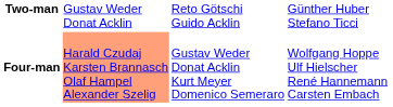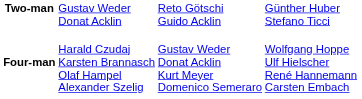 <table>
 <tr>
 <th scope="row">Two-man <br></th>
 <td> <br> <a href='#'>Gustav Weder</a><br>  <a href='#'>Donat Acklin</a></td>
 <td> <br> <a href='#'>Reto Götschi</a><br>  <a href='#'>Guido Acklin</a></td>
 <td> <br> <a href='#'>Günther Huber</a><br>  <a href='#'>Stefano Ticci</a></td>
 </tr>
 <tr>
 <th scope="row">Four-man <br></th>
-<td style="background: lightsalmon;"> <br> <a href='#'>Harald Czudaj</a><br>  <a href='#'>Karsten Brannasch</a><br>  <a href='#'>Olaf Hampel</a><br>  <a href='#'>Alexander Szelig</a></td>
+<td> <br> <a href='#'>Harald Czudaj</a><br>  <a href='#'>Karsten Brannasch</a><br>  <a href='#'>Olaf Hampel</a><br>  <a href='#'>Alexander Szelig</a></td>
 <td> <br> <a href='#'>Gustav Weder</a><br>  <a href='#'>Donat Acklin</a><br>  <a href='#'>Kurt Meyer</a><br>  <a href='#'>Domenico Semeraro</a></td>
 <td> <br> <a href='#'>Wolfgang Hoppe</a><br>  <a href='#'>Ulf Hielscher</a><br>  <a href='#'>René Hannemann</a><br>  <a href='#'>Carsten Embach</a></td>
 </tr>
 <tr>
 </tr>
 </table>
